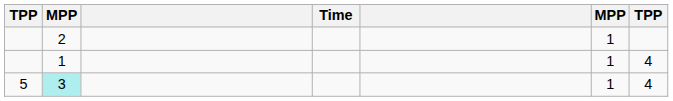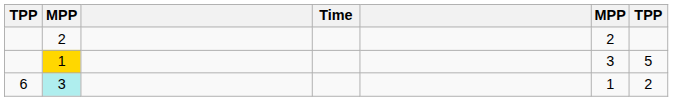 <table class="wikitable" style="text-align: center;" |>
 <tr>
 <th width="35">TPP</th>
 <th width="35">MPP</th>
 <th width="250"></th>
 <th width="45">Time</th>
 <th width="250"></th>
 <th width="35">MPP</th>
 <th width="35">TPP</th>
 </tr>
 <tr>
 <td></td>
 <td>2</td>
 <td style="text-align:left;"></td>
 <td></td>
 <td style="text-align:left;"></td>
-<td>1</td>
+<td>2</td>
 <td></td>
 </tr>
 <tr>
 <td></td>
-<td>1</td>
+<td style="background: gold;">1</td>
 <td style="text-align:left;"><strong></strong></td>
 <td></td>
 <td style="text-align:left;"></td>
-<td>1</td>
-<td>4</td>
+<td>3</td>
+<td>5</td>
 </tr>
 <tr>
-<td>5</td>
+<td>6</td>
 <td style="background: paleturquoise;">3</td>
 <td style="text-align:left;"></td>
 <td></td>
 <td style="text-align:left;"><strong></strong></td>
 <td>1</td>
-<td>4</td>
+<td>2</td>
 </tr>
 </table>
